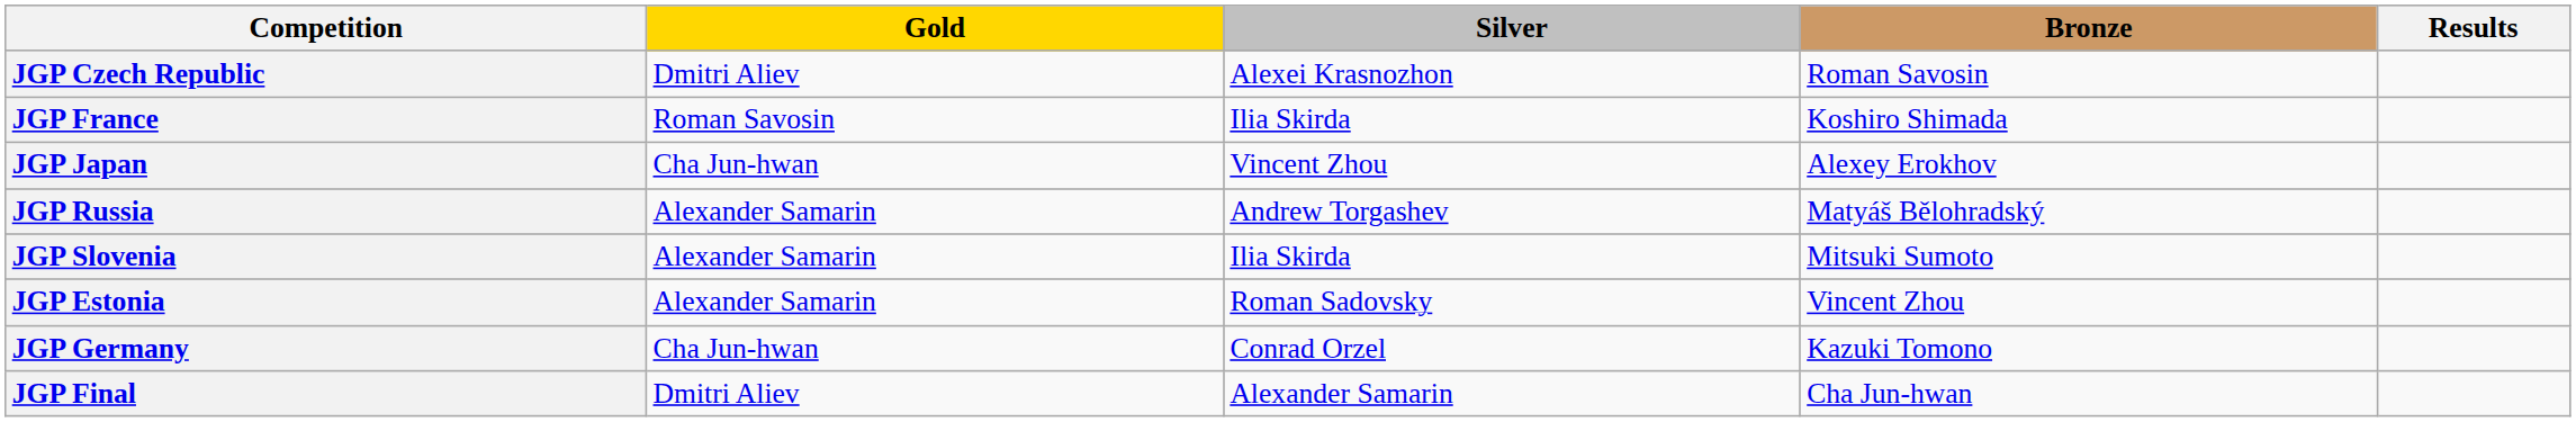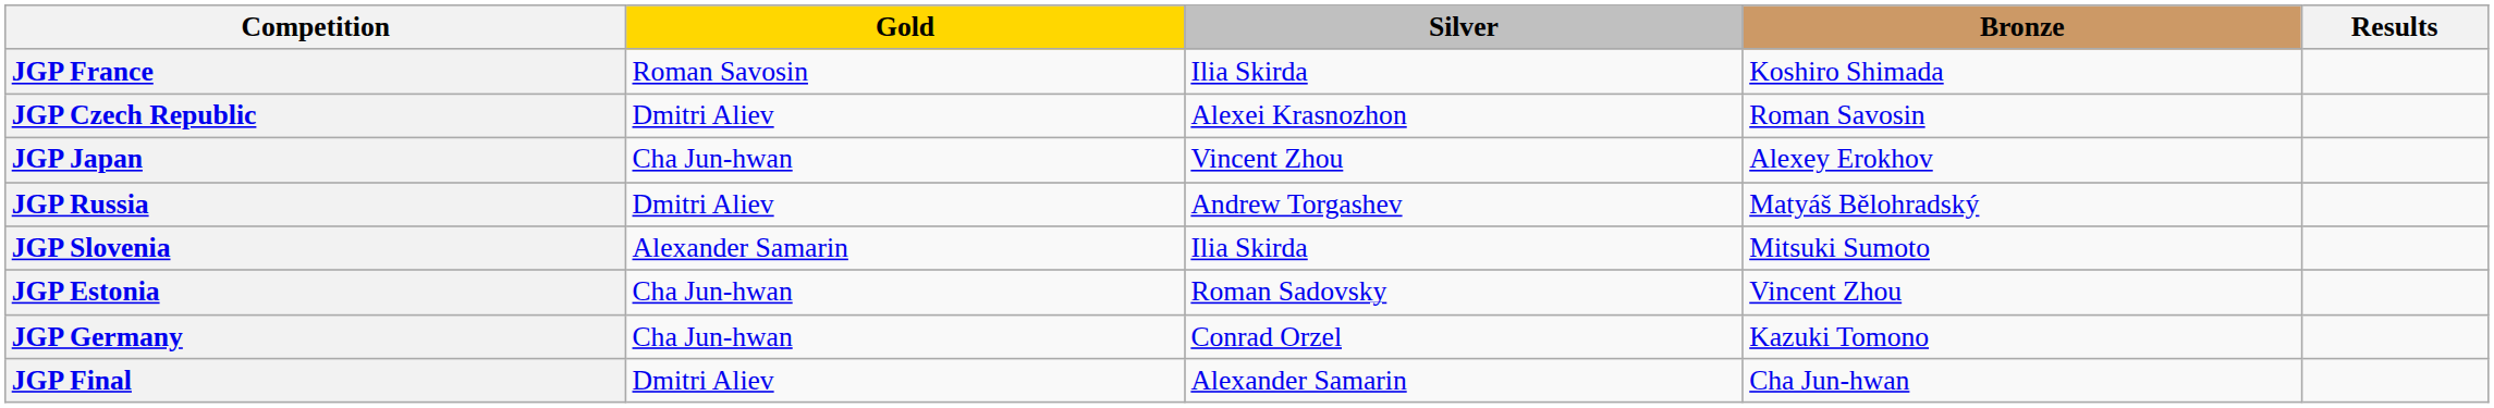 <table class="wikitable unsortable" style="text-align:left; width:90%">
 <tr>
 <th scope="col" style="text-align:center; width:25%;">Competition</th>
 <td scope="col" style="text-align:center; width:22.5%; background:gold"><strong>Gold</strong></td>
 <td scope="col" style="text-align:center; width:22.5%; background:silver"><strong>Silver</strong></td>
 <td scope="col" style="text-align:center; width:22.5%; background:#c96"><strong>Bronze</strong></td>
 <th scope="col" style="text-align:center; width:7.5%;">Results</th>
 </tr>
 <tr>
+<th scope="row" style="text-align:left"> <a href='#'>JGP France</a></th>
+<td> <a href='#'>Roman Savosin</a></td>
+<td> <a href='#'>Ilia Skirda</a></td>
+<td> <a href='#'>Koshiro Shimada</a></td>
+<td></td>
+</tr>
+<tr>
 <th scope="row" style="text-align:left"> <a href='#'>JGP Czech Republic</a></th>
 <td> <a href='#'>Dmitri Aliev</a></td>
 <td> <a href='#'>Alexei Krasnozhon</a></td>
 <td> <a href='#'>Roman Savosin</a></td>
-<td></td>
-</tr>
-<tr>
-<th scope="row" style="text-align:left"> <a href='#'>JGP France</a></th>
-<td> <a href='#'>Roman Savosin</a></td>
-<td> <a href='#'>Ilia Skirda</a></td>
-<td> <a href='#'>Koshiro Shimada</a></td>
 <td></td>
 </tr>
 <tr>
 <th scope="row" style="text-align:left"> <a href='#'>JGP Japan</a></th>
 <td> <a href='#'>Cha Jun-hwan</a></td>
 <td> <a href='#'>Vincent Zhou</a></td>
 <td> <a href='#'>Alexey Erokhov</a></td>
 <td></td>
 </tr>
 <tr>
 <th scope="row" style="text-align:left"> <a href='#'>JGP Russia</a></th>
-<td> <a href='#'>Alexander Samarin</a></td>
+<td> <a href='#'>Dmitri Aliev</a></td>
 <td> <a href='#'>Andrew Torgashev</a></td>
 <td> <a href='#'>Matyáš Bělohradský</a></td>
 <td></td>
 </tr>
 <tr>
 <th scope="row" style="text-align:left"> <a href='#'>JGP Slovenia</a></th>
 <td> <a href='#'>Alexander Samarin</a></td>
 <td> <a href='#'>Ilia Skirda</a></td>
 <td> <a href='#'>Mitsuki Sumoto</a></td>
 <td></td>
 </tr>
 <tr>
 <th scope="row" style="text-align:left"> <a href='#'>JGP Estonia</a></th>
-<td> <a href='#'>Alexander Samarin</a></td>
+<td> <a href='#'>Cha Jun-hwan</a></td>
 <td> <a href='#'>Roman Sadovsky</a></td>
 <td> <a href='#'>Vincent Zhou</a></td>
 <td></td>
 </tr>
 <tr>
 <th scope="row" style="text-align:left"> <a href='#'>JGP Germany</a></th>
 <td> <a href='#'>Cha Jun-hwan</a></td>
 <td> <a href='#'>Conrad Orzel</a></td>
 <td> <a href='#'>Kazuki Tomono</a></td>
 <td></td>
 </tr>
 <tr>
 <th scope="row" style="text-align:left"> <a href='#'>JGP Final</a></th>
 <td> <a href='#'>Dmitri Aliev</a></td>
 <td> <a href='#'>Alexander Samarin</a></td>
 <td> <a href='#'>Cha Jun-hwan</a></td>
 <td></td>
 </tr>
 </table>
